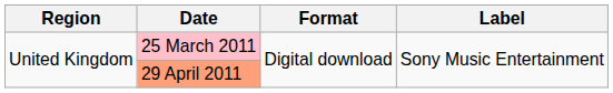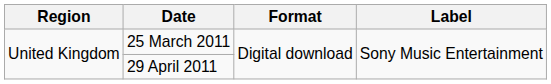 <table class=wikitable>
 <tr>
 <th>Region</th>
 <th>Date</th>
 <th>Format</th>
 <th>Label</th>
 </tr>
 <tr>
 <td rowspan="2">United Kingdom</td>
-<td style="background: pink;">25 March 2011</td>
+<td>25 March 2011</td>
 <td rowspan="2">Digital download</td>
 <td rowspan="2">Sony Music Entertainment</td>
 </tr>
 <tr>
-<td style="background: lightsalmon;">29 April 2011</td>
+<td>29 April 2011</td>
 </tr>
 </table>
